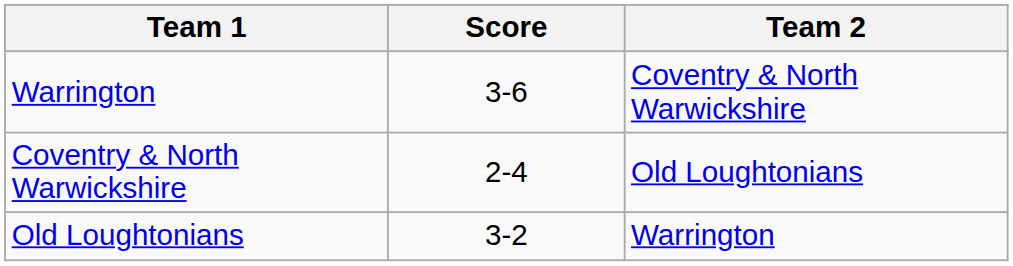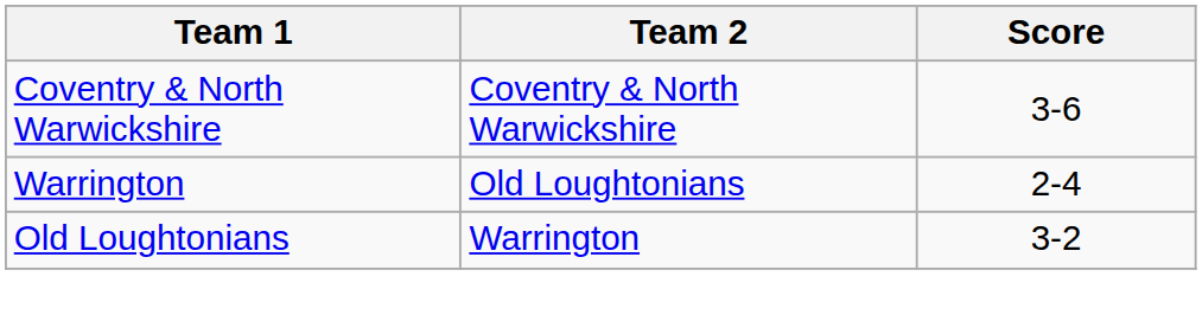 <table class="wikitable" style="font-size: 100%">
 <tr>
 <th width=200>Team 1</th>
+<th width=200>Team 2</th>
 <th width=120>Score</th>
-<th width=200>Team 2</th>
+</tr>
+<tr>
+<td><a href='#'>Coventry & North Warwickshire</a></td>
+<td><a href='#'>Coventry & North Warwickshire</a></td>
+<td align=center>3-6</td>
 </tr>
 <tr>
 <td><a href='#'>Warrington</a></td>
-<td align=center>3-6</td>
-<td><a href='#'>Coventry & North Warwickshire</a></td>
-</tr>
-<tr>
-<td><a href='#'>Coventry & North Warwickshire</a></td>
+<td><a href='#'>Old Loughtonians</a></td>
 <td align=center>2-4</td>
-<td><a href='#'>Old Loughtonians</a></td>
 </tr>
 <tr>
 <td><a href='#'>Old Loughtonians</a></td>
+<td><a href='#'>Warrington</a></td>
 <td align=center>3-2</td>
-<td><a href='#'>Warrington</a></td>
 </tr>
 </table>
